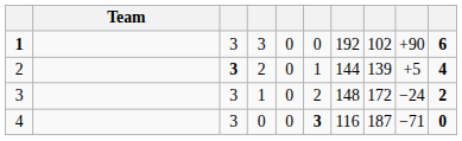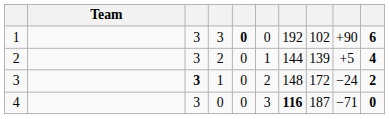 <table class=wikitable style=text-align:center>
 <tr>
 <th width=20 abbr=Position></th>
 <th width=175>Team</th>
 <th width=20 abbr=Played></th>
 <th width=20 abbr=Won></th>
 <th width=20 abbr=Drawn></th>
 <th width=20 abbr=Lost></th>
 <th width=20 abbr=Goal For></th>
 <th width=20 abbr=Goal Against></th>
 <th width=20 abbr=Goal Difference></th>
 <th width=20 abbr=Points></th>
 </tr>
 <tr>
-<td><strong>1 </strong></td>
+<td>1 </td>
 <td align=left></td>
 <td>3</td>
 <td>3</td>
-<td>0</td>
+<td><strong>0</strong></td>
 <td>0</td>
 <td>192</td>
 <td>102</td>
 <td>+90</td>
 <td><strong>6</strong></td>
 </tr>
 <tr>
 <td>2 </td>
 <td align=left></td>
-<td><strong>3</strong></td>
+<td>3</td>
 <td>2</td>
 <td>0</td>
 <td>1</td>
 <td>144</td>
 <td>139</td>
 <td>+5</td>
 <td><strong>4</strong></td>
 </tr>
 <tr>
 <td>3 </td>
 <td align=left></td>
-<td>3</td>
+<td><strong>3</strong></td>
 <td>1</td>
 <td>0</td>
 <td>2</td>
 <td>148</td>
 <td>172</td>
 <td>−24</td>
 <td><strong>2</strong></td>
 </tr>
 <tr>
 <td>4 </td>
 <td align=left></td>
 <td>3</td>
 <td>0</td>
 <td>0</td>
-<td><strong>3</strong></td>
-<td>116</td>
+<td>3</td>
+<td><strong>116</strong></td>
 <td>187</td>
 <td>−71</td>
 <td><strong>0</strong></td>
 </tr>
 </table>
